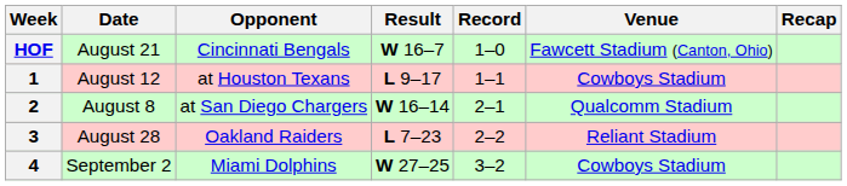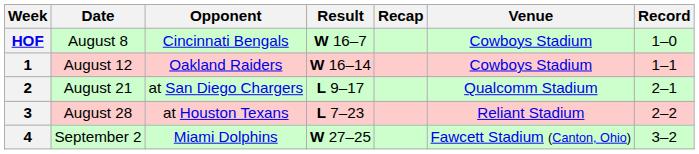 <table class="wikitable" style="text-align:center">
 <tr>
 <th>Week</th>
 <th>Date</th>
 <th>Opponent</th>
 <th>Result</th>
+<th>Recap</th>
+<th>Venue</th>
 <th>Record</th>
-<th>Venue</th>
-<th>Recap</th>
 </tr>
 <tr style="background:#cfc;">
 <th><a href='#'>HOF</a></th>
-<td>August 21</td>
+<td>August 8</td>
 <td><a href='#'>Cincinnati Bengals</a></td>
 <td><strong>W</strong> 16–7</td>
+<td></td>
+<td><a href='#'>Cowboys Stadium</a></td>
 <td>1–0</td>
-<td><a href='#'>Fawcett Stadium</a> <small>(<a href='#'>Canton, Ohio</a>)</small></td>
-<td></td>
 </tr>
 <tr style="background:#fcc;">
 <th>1</th>
 <td>August 12</td>
-<td>at <a href='#'>Houston Texans</a></td>
-<td><strong>L</strong> 9–17</td>
+<td><a href='#'>Oakland Raiders</a></td>
+<td><strong>W</strong> 16–14</td>
+<td></td>
+<td><a href='#'>Cowboys Stadium</a></td>
 <td>1–1</td>
-<td><a href='#'>Cowboys Stadium</a></td>
-<td></td>
 </tr>
 <tr style="background:#cfc;">
 <th>2</th>
-<td>August 8</td>
+<td>August 21</td>
 <td>at <a href='#'>San Diego Chargers</a></td>
-<td><strong>W</strong> 16–14</td>
+<td><strong>L</strong> 9–17</td>
+<td></td>
+<td><a href='#'>Qualcomm Stadium</a></td>
 <td>2–1</td>
-<td><a href='#'>Qualcomm Stadium</a></td>
-<td></td>
 </tr>
 <tr style="background:#fcc;">
 <th>3</th>
 <td>August 28</td>
-<td><a href='#'>Oakland Raiders</a></td>
+<td>at <a href='#'>Houston Texans</a></td>
 <td><strong>L</strong> 7–23</td>
+<td></td>
+<td><a href='#'>Reliant Stadium</a></td>
 <td>2–2</td>
-<td><a href='#'>Reliant Stadium</a></td>
-<td></td>
 </tr>
 <tr style="background:#cfc;">
 <th>4</th>
 <td>September 2</td>
 <td><a href='#'>Miami Dolphins</a></td>
 <td><strong>W</strong> 27–25</td>
+<td></td>
+<td><a href='#'>Fawcett Stadium</a> <small>(<a href='#'>Canton, Ohio</a>)</small></td>
 <td>3–2</td>
-<td><a href='#'>Cowboys Stadium</a></td>
-<td></td>
 </tr>
 </table>
